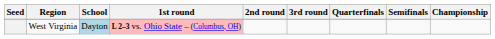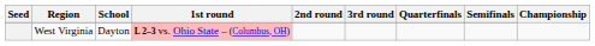 <table class="sortable wikitable" style="white-space:nowrap; font-size:90%;">
 <tr>
 <th>Seed</th>
 <th>Region</th>
 <th>School</th>
 <th>1st round</th>
 <th>2nd round</th>
 <th>3rd round</th>
 <th>Quarterfinals</th>
 <th>Semifinals</th>
 <th>Championship</th>
 </tr>
 <tr>
 </tr>
 <tr>
 <th></th>
 <td>West Virginia</td>
-<td style="background: lightblue;">Dayton</td>
+<td>Dayton</td>
 <td style="background:#fbb;"><small><strong>L 2–3</strong></small> vs. <a href='#'>Ohio State</a> – <small>(<a href='#'>Columbus, OH</a>)</small></td>
 <td></td>
 <td></td>
 <td></td>
 <td></td>
 </tr>
 </table>
